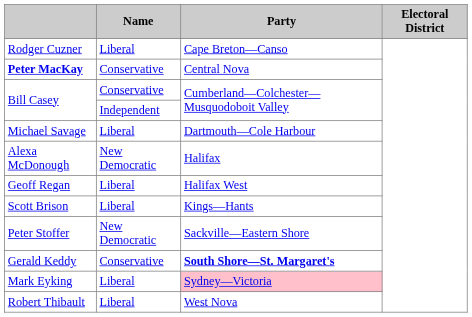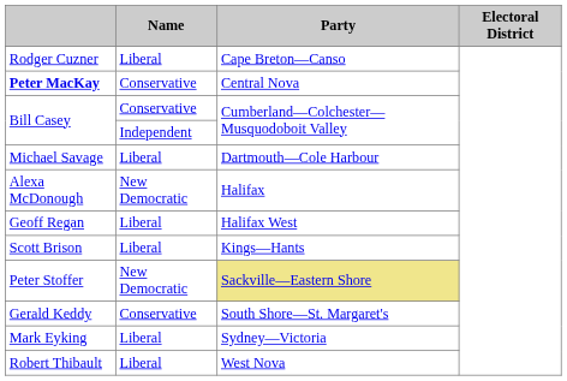 <table border="1" cellpadding="4" width="610" cellspacing="0" style="border-collapse: collapse">
 <tr bgcolor="CCCCCC">
 <th></th>
 <th>Name</th>
 <th>Party</th>
 <th>Electoral District</th>
 </tr>
 <tr>
 <td><a href='#'>Rodger Cuzner</a></td>
 <td><a href='#'>Liberal</a></td>
 <td><a href='#'>Cape Breton—Canso</a></td>
 </tr>
 <tr>
 <td><strong><a href='#'>Peter MacKay</a></strong></td>
 <td><a href='#'>Conservative</a></td>
 <td><a href='#'>Central Nova</a></td>
 </tr>
 <tr>
 <td rowspan=2><a href='#'>Bill Casey</a></td>
 <td><a href='#'>Conservative</a></td>
 <td rowspan=2><a href='#'>Cumberland—Colchester—Musquodoboit Valley</a></td>
 </tr>
 <tr>
 <td><a href='#'>Independent</a></td>
 </tr>
 <tr>
 <td><a href='#'>Michael Savage</a></td>
 <td><a href='#'>Liberal</a></td>
 <td><a href='#'>Dartmouth—Cole Harbour</a></td>
 </tr>
 <tr>
 <td><a href='#'>Alexa McDonough</a></td>
 <td><a href='#'>New Democratic</a></td>
 <td><a href='#'>Halifax</a></td>
 </tr>
 <tr>
 <td><a href='#'>Geoff Regan</a></td>
 <td><a href='#'>Liberal</a></td>
 <td><a href='#'>Halifax West</a></td>
 </tr>
 <tr>
 <td><a href='#'>Scott Brison</a></td>
 <td><a href='#'>Liberal</a></td>
 <td><a href='#'>Kings—Hants</a></td>
 </tr>
 <tr>
 <td><a href='#'>Peter Stoffer</a></td>
 <td><a href='#'>New Democratic</a></td>
-<td><a href='#'>Sackville—Eastern Shore</a></td>
+<td style="background: khaki;"><a href='#'>Sackville—Eastern Shore</a></td>
 </tr>
 <tr>
 <td><a href='#'>Gerald Keddy</a></td>
 <td><a href='#'>Conservative</a></td>
-<td><strong><a href='#'>South Shore—St. Margaret's</a></strong></td>
+<td><a href='#'>South Shore—St. Margaret's</a></td>
 </tr>
 <tr>
 <td><a href='#'>Mark Eyking</a></td>
 <td><a href='#'>Liberal</a></td>
-<td style="background: pink;"><a href='#'>Sydney—Victoria</a></td>
+<td><a href='#'>Sydney—Victoria</a></td>
 </tr>
 <tr>
 <td><a href='#'>Robert Thibault</a></td>
 <td><a href='#'>Liberal</a></td>
 <td><a href='#'>West Nova</a></td>
 </tr>
 </table>
